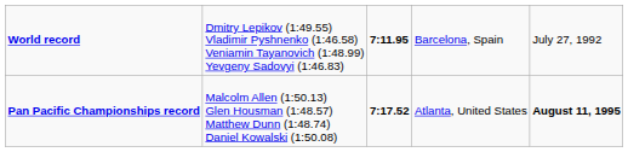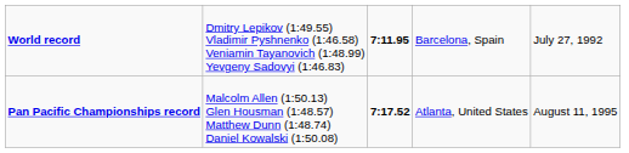 <table class="wikitable">
 <tr>
 <td><strong><a href='#'>World record</a></strong></td>
 <td><br><a href='#'>Dmitry Lepikov</a> (1:49.55)<br><a href='#'>Vladimir Pyshnenko</a> (1:46.58)<br><a href='#'>Veniamin Tayanovich</a> (1:48.99)<br><a href='#'>Yevgeny Sadovyi</a> (1:46.83)</td>
 <td><strong>7:11.95</strong></td>
 <td><a href='#'>Barcelona</a>, Spain</td>
 <td>July 27, 1992</td>
 </tr>
 <tr>
 <td><strong><a href='#'>Pan Pacific Championships record</a></strong></td>
 <td><br><a href='#'>Malcolm Allen</a> (1:50.13)<br><a href='#'>Glen Housman</a> (1:48.57)<br><a href='#'>Matthew Dunn</a> (1:48.74)<br><a href='#'>Daniel Kowalski</a> (1:50.08)</td>
 <td><strong>7:17.52</strong></td>
 <td><a href='#'>Atlanta</a>, United States</td>
-<td><strong>August 11, 1995</strong></td>
+<td>August 11, 1995</td>
 </tr>
 </table>
